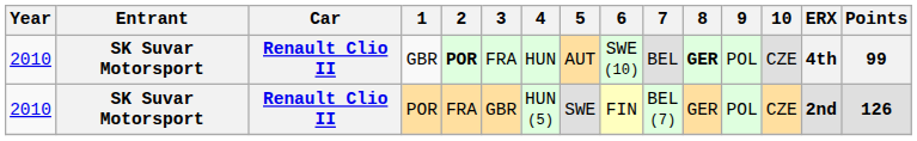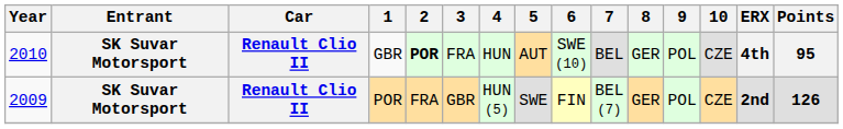 <table class="wikitable" border="1" style="text-align:center; font-size:90%;">
 <tr valign="top">
 <th>Year</th>
 <th>Entrant</th>
 <th>Car</th>
 <th>1</th>
 <th>2</th>
 <th>3</th>
 <th>4</th>
 <th>5</th>
 <th>6</th>
 <th>7</th>
 <th>8</th>
 <th>9</th>
 <th>10</th>
 <th>ERX</th>
 <th>Points</th>
 </tr>
 <tr>
 <td><a href='#'>2010</a></td>
 <th>SK Suvar Motorsport</th>
 <th><a href='#'>Renault Clio II</a></th>
 <td>GBR</td>
 <td style="background:#DFFFDF;"><strong>POR<br></strong></td>
 <td style="background:#DFFFDF;">FRA<br></td>
 <td style="background:#DFFFDF;">HUN<br></td>
 <td style="background:#FFDF9F;">AUT<br></td>
 <td style="background:#DFFFDF;">SWE<br><small>(10)</small></td>
 <td style="background:#DFDFDF;">BEL<br></td>
-<td style="background:#DFFFDF;"><strong>GER<br></strong></td>
+<td style="background:#DFFFDF;">GER<br></td>
 <td style="background:#DFFFDF;">POL<br></td>
 <td style="background:#DFDFDF;">CZE<br></td>
 <th>4th</th>
-<th>99</th>
+<th>95</th>
 </tr>
 <tr>
-<td><a href='#'>2010</a></td>
+<td><a href='#'>2009</a></td>
 <th>SK Suvar Motorsport</th>
 <th><a href='#'>Renault Clio II</a></th>
 <td style="background:#FFDF9F;">POR<br></td>
 <td style="background:#FFDF9F;">FRA<br></td>
 <td style="background:#FFDF9F;">GBR<br></td>
 <td style="background:#DFFFDF;">HUN<br><small>(5)</small></td>
 <td style="background:#DFDFDF;">SWE<br></td>
 <td style="background:#FFFFBF;">FIN<br></td>
 <td style="background:#DFFFDF;">BEL<br><small>(7)</small></td>
 <td style="background:#FFDF9F;">GER<br></td>
 <td style="background:#DFFFDF;">POL<br></td>
 <td style="background:#FFDF9F;">CZE<br></td>
 <th style="background:#DFDFDF;">2nd</th>
 <th style="background:#DFDFDF;">126</th>
 </tr>
 <tr>
 </tr>
 </table>
